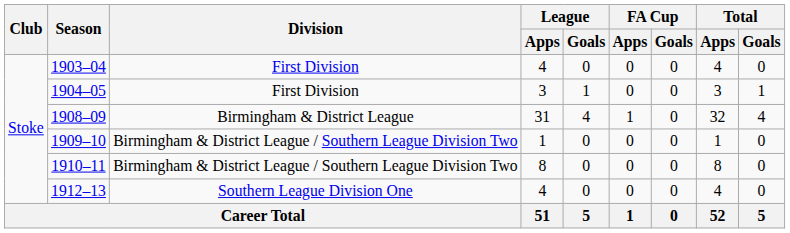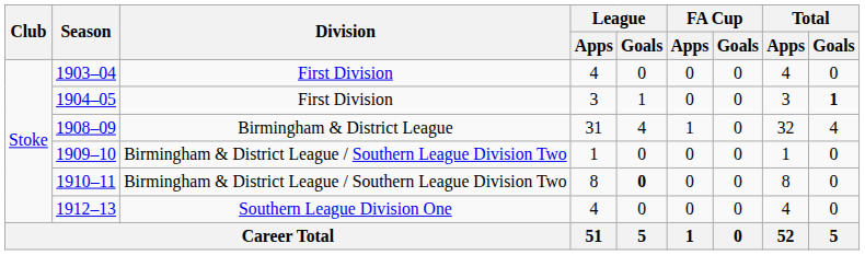 <table class="wikitable" style="text-align: center;">
 <tr>
 <th rowspan="2">Club</th>
 <th rowspan="2">Season</th>
 <th rowspan="2">Division</th>
 <th colspan="2">League</th>
 <th colspan="2">FA Cup</th>
 <th colspan="2">Total</th>
 </tr>
 <tr>
 <th>Apps</th>
 <th>Goals</th>
 <th>Apps</th>
 <th>Goals</th>
 <th>Apps</th>
 <th>Goals</th>
 </tr>
 <tr>
 <td rowspan="6"><a href='#'>Stoke</a></td>
 <td><a href='#'>1903–04</a></td>
 <td><a href='#'>First Division</a></td>
 <td>4</td>
 <td>0</td>
 <td>0</td>
 <td>0</td>
 <td>4</td>
 <td>0</td>
 </tr>
 <tr>
 <td><a href='#'>1904–05</a></td>
 <td>First Division</td>
 <td>3</td>
 <td>1</td>
 <td>0</td>
 <td>0</td>
 <td>3</td>
-<td>1</td>
+<td><strong>1</strong></td>
 </tr>
 <tr>
 <td><a href='#'>1908–09</a></td>
 <td>Birmingham & District League</td>
 <td>31</td>
 <td>4</td>
 <td>1</td>
 <td>0</td>
 <td>32</td>
 <td>4</td>
 </tr>
 <tr>
 <td><a href='#'>1909–10</a></td>
 <td>Birmingham & District League / <a href='#'>Southern League Division Two</a></td>
 <td>1</td>
 <td>0</td>
 <td>0</td>
 <td>0</td>
 <td>1</td>
 <td>0</td>
 </tr>
 <tr>
 <td><a href='#'>1910–11</a></td>
 <td>Birmingham & District League / Southern League Division Two</td>
 <td>8</td>
-<td>0</td>
+<td><strong>0</strong></td>
 <td>0</td>
 <td>0</td>
 <td>8</td>
 <td>0</td>
 </tr>
 <tr>
 <td><a href='#'>1912–13</a></td>
 <td><a href='#'>Southern League Division One</a></td>
 <td>4</td>
 <td>0</td>
 <td>0</td>
 <td>0</td>
 <td>4</td>
 <td>0</td>
 </tr>
 <tr>
 <th colspan="3">Career Total</th>
 <th>51</th>
 <th>5</th>
 <th>1</th>
 <th>0</th>
 <th>52</th>
 <th>5</th>
 </tr>
 </table>
